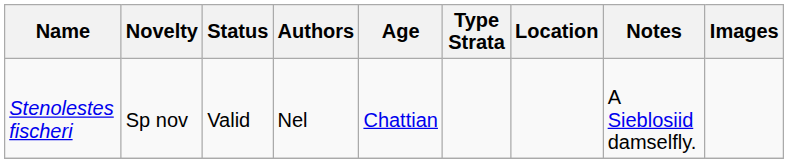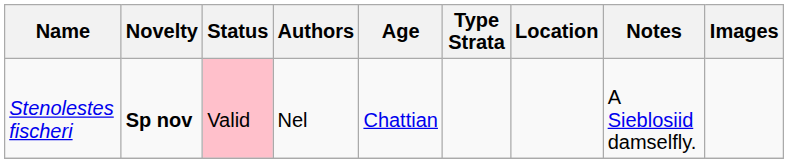 <table class="wikitable sortable" align="center" width="100%">
 <tr>
 <th>Name</th>
 <th>Novelty</th>
 <th>Status</th>
 <th>Authors</th>
 <th>Age</th>
 <th>Type Strata</th>
 <th>Location</th>
 <th>Notes</th>
 <th>Images</th>
 </tr>
 <tr>
 <td><br><em><a href='#'>Stenolestes fischeri</a></em></td>
-<td><br>Sp nov</td>
-<td><br>Valid</td>
+<td><strong><br>Sp nov</strong></td>
+<td style="background: pink;"><br>Valid</td>
 <td><br>Nel</td>
 <td><br><a href='#'>Chattian</a></td>
 <td></td>
 <td><br></td>
 <td><br>A <a href='#'>Sieblosiid</a> damselfly.</td>
 <td><br></td>
 </tr>
 <tr>
 </tr>
 </table>
